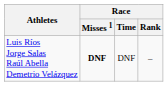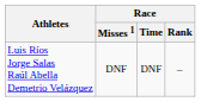 <table class="wikitable" border="1" style="font-size:90%">
 <tr>
 <th rowspan=2>Athletes</th>
 <th colspan=3>Race</th>
 </tr>
 <tr>
 <th>Misses <sup>1</sup></th>
 <th>Time</th>
 <th>Rank</th>
 </tr>
 <tr>
 <td><a href='#'>Luis Ríos</a><br><a href='#'>Jorge Salas</a><br><a href='#'>Raúl Abella</a><br><a href='#'>Demetrio Velázquez</a></td>
-<td align=center><strong>DNF</strong></td>
+<td align=center>DNF</td>
 <td align=center>DNF</td>
 <td align=center>–</td>
 </tr>
 </table>
